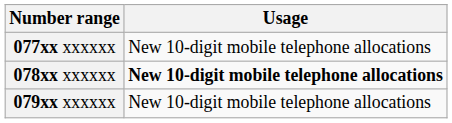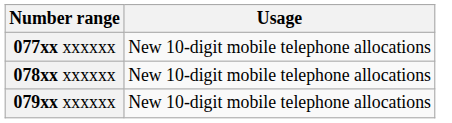 <table class="wikitable" style="margin-left: 1.5em;">
 <tr>
 <th>Number range</th>
 <th>Usage</th>
 </tr>
 <tr>
 <th scope="row" style="font-weight: normal;"><strong>077xx</strong> xxxxxx</th>
 <td>New 10-digit mobile telephone allocations</td>
 </tr>
 <tr>
 <th scope="row" style="font-weight: normal;"><strong>078xx</strong> xxxxxx</th>
-<td><strong>New 10-digit mobile telephone allocations</strong></td>
+<td>New 10-digit mobile telephone allocations</td>
 </tr>
 <tr>
 <th scope="row" style="font-weight: normal;"><strong>079xx</strong> xxxxxx</th>
 <td>New 10-digit mobile telephone allocations</td>
 </tr>
 </table>
